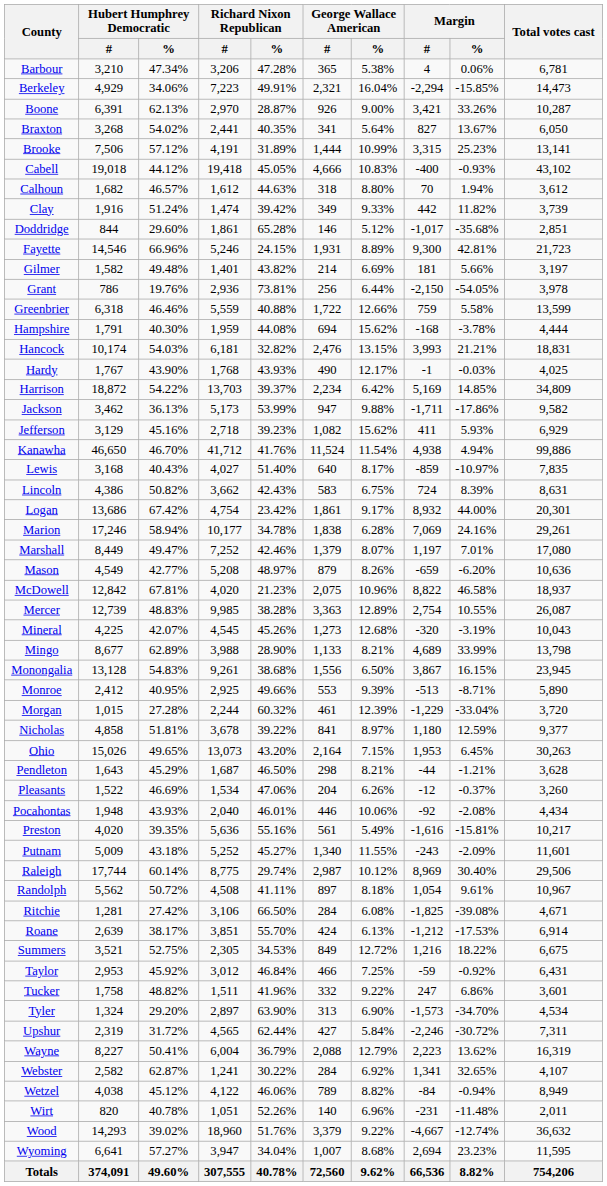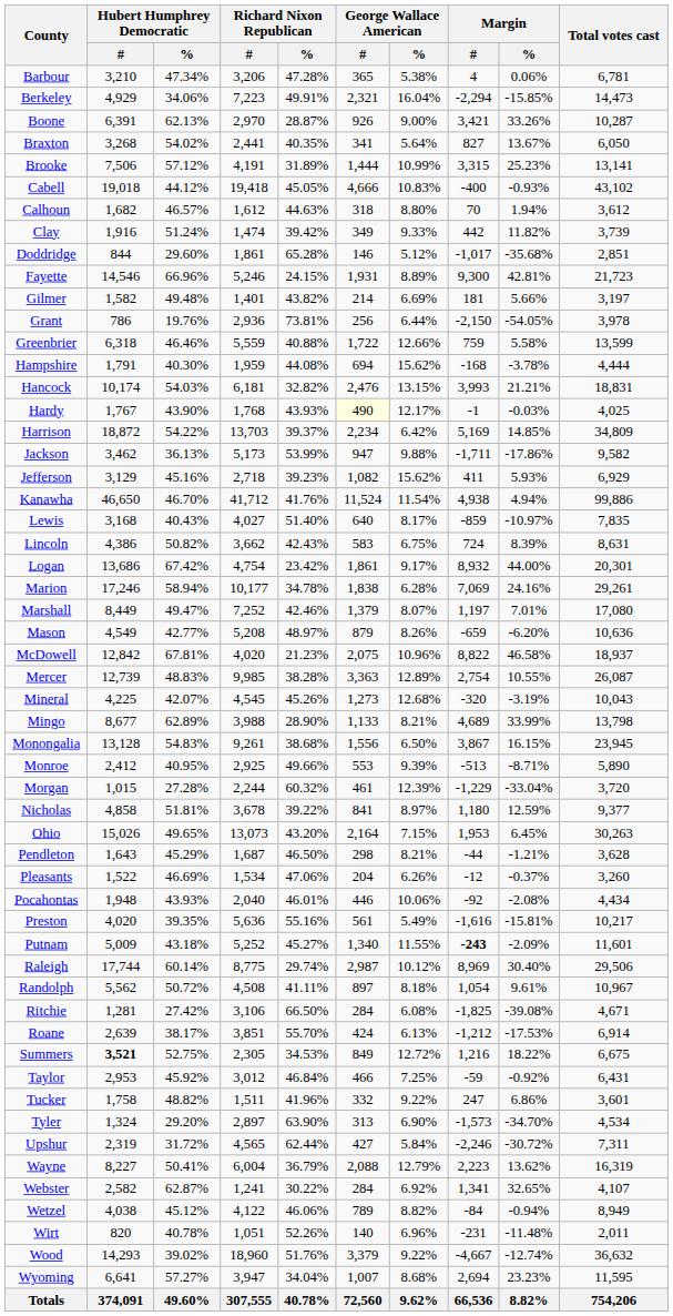 <table width="60%"  class="wikitable sortable" style="text-align:center">
 <tr>
 <th style="text-align:center;" rowspan="2">County</th>
 <th style="text-align:center;" colspan="2">Hubert Humphrey<br>Democratic</th>
 <th style="text-align:center;" colspan="2">Richard Nixon<br>Republican</th>
 <th style="text-align:center;" colspan="2">George Wallace<br>American</th>
 <th style="text-align:center;" colspan="2">Margin</th>
 <th style="text-align:center;" rowspan="2">Total votes cast</th>
 </tr>
 <tr>
 <th style="text-align:center;" data-sort-type="number">#</th>
 <th style="text-align:center;" data-sort-type="number">%</th>
 <th style="text-align:center;" data-sort-type="number">#</th>
 <th style="text-align:center;" data-sort-type="number">%</th>
 <th style="text-align:center;" data-sort-type="number">#</th>
 <th style="text-align:center;" data-sort-type="number">%</th>
 <th style="text-align:center;" data-sort-type="number">#</th>
 <th style="text-align:center;" data-sort-type="number">%</th>
 </tr>
 <tr style="text-align:center;">
 <td><a href='#'>Barbour</a></td>
 <td>3,210</td>
 <td>47.34%</td>
 <td>3,206</td>
 <td>47.28%</td>
 <td>365</td>
 <td>5.38%</td>
 <td>4</td>
 <td>0.06%</td>
 <td>6,781</td>
 </tr>
 <tr style="text-align:center;">
 <td><a href='#'>Berkeley</a></td>
 <td>4,929</td>
 <td>34.06%</td>
 <td>7,223</td>
 <td>49.91%</td>
 <td>2,321</td>
 <td>16.04%</td>
 <td>-2,294</td>
 <td>-15.85%</td>
 <td>14,473</td>
 </tr>
 <tr style="text-align:center;">
 <td><a href='#'>Boone</a></td>
 <td>6,391</td>
 <td>62.13%</td>
 <td>2,970</td>
 <td>28.87%</td>
 <td>926</td>
 <td>9.00%</td>
 <td>3,421</td>
 <td>33.26%</td>
 <td>10,287</td>
 </tr>
 <tr style="text-align:center;">
 <td><a href='#'>Braxton</a></td>
 <td>3,268</td>
 <td>54.02%</td>
 <td>2,441</td>
 <td>40.35%</td>
 <td>341</td>
 <td>5.64%</td>
 <td>827</td>
 <td>13.67%</td>
 <td>6,050</td>
 </tr>
 <tr style="text-align:center;">
 <td><a href='#'>Brooke</a></td>
 <td>7,506</td>
 <td>57.12%</td>
 <td>4,191</td>
 <td>31.89%</td>
 <td>1,444</td>
 <td>10.99%</td>
 <td>3,315</td>
 <td>25.23%</td>
 <td>13,141</td>
 </tr>
 <tr style="text-align:center;">
 <td><a href='#'>Cabell</a></td>
 <td>19,018</td>
 <td>44.12%</td>
 <td>19,418</td>
 <td>45.05%</td>
 <td>4,666</td>
 <td>10.83%</td>
 <td>-400</td>
 <td>-0.93%</td>
 <td>43,102</td>
 </tr>
 <tr style="text-align:center;">
 <td><a href='#'>Calhoun</a></td>
 <td>1,682</td>
 <td>46.57%</td>
 <td>1,612</td>
 <td>44.63%</td>
 <td>318</td>
 <td>8.80%</td>
 <td>70</td>
 <td>1.94%</td>
 <td>3,612</td>
 </tr>
 <tr style="text-align:center;">
 <td><a href='#'>Clay</a></td>
 <td>1,916</td>
 <td>51.24%</td>
 <td>1,474</td>
 <td>39.42%</td>
 <td>349</td>
 <td>9.33%</td>
 <td>442</td>
 <td>11.82%</td>
 <td>3,739</td>
 </tr>
 <tr style="text-align:center;">
 <td><a href='#'>Doddridge</a></td>
 <td>844</td>
 <td>29.60%</td>
 <td>1,861</td>
 <td>65.28%</td>
 <td>146</td>
 <td>5.12%</td>
 <td>-1,017</td>
 <td>-35.68%</td>
 <td>2,851</td>
 </tr>
 <tr style="text-align:center;">
 <td><a href='#'>Fayette</a></td>
 <td>14,546</td>
 <td>66.96%</td>
 <td>5,246</td>
 <td>24.15%</td>
 <td>1,931</td>
 <td>8.89%</td>
 <td>9,300</td>
 <td>42.81%</td>
 <td>21,723</td>
 </tr>
 <tr style="text-align:center;">
 <td><a href='#'>Gilmer</a></td>
 <td>1,582</td>
 <td>49.48%</td>
 <td>1,401</td>
 <td>43.82%</td>
 <td>214</td>
 <td>6.69%</td>
 <td>181</td>
 <td>5.66%</td>
 <td>3,197</td>
 </tr>
 <tr style="text-align:center;">
 <td><a href='#'>Grant</a></td>
 <td>786</td>
 <td>19.76%</td>
 <td>2,936</td>
 <td>73.81%</td>
 <td>256</td>
 <td>6.44%</td>
 <td>-2,150</td>
 <td>-54.05%</td>
 <td>3,978</td>
 </tr>
 <tr style="text-align:center;">
 <td><a href='#'>Greenbrier</a></td>
 <td>6,318</td>
 <td>46.46%</td>
 <td>5,559</td>
 <td>40.88%</td>
 <td>1,722</td>
 <td>12.66%</td>
 <td>759</td>
 <td>5.58%</td>
 <td>13,599</td>
 </tr>
 <tr style="text-align:center;">
 <td><a href='#'>Hampshire</a></td>
 <td>1,791</td>
 <td>40.30%</td>
 <td>1,959</td>
 <td>44.08%</td>
 <td>694</td>
 <td>15.62%</td>
 <td>-168</td>
 <td>-3.78%</td>
 <td>4,444</td>
 </tr>
 <tr style="text-align:center;">
 <td><a href='#'>Hancock</a></td>
 <td>10,174</td>
 <td>54.03%</td>
 <td>6,181</td>
 <td>32.82%</td>
 <td>2,476</td>
 <td>13.15%</td>
 <td>3,993</td>
 <td>21.21%</td>
 <td>18,831</td>
 </tr>
 <tr style="text-align:center;">
 <td><a href='#'>Hardy</a></td>
 <td>1,767</td>
 <td>43.90%</td>
 <td>1,768</td>
 <td>43.93%</td>
-<td>490</td>
+<td style="background: lightyellow;">490</td>
 <td>12.17%</td>
 <td>-1</td>
 <td>-0.03%</td>
 <td>4,025</td>
 </tr>
 <tr style="text-align:center;">
 <td><a href='#'>Harrison</a></td>
 <td>18,872</td>
 <td>54.22%</td>
 <td>13,703</td>
 <td>39.37%</td>
 <td>2,234</td>
 <td>6.42%</td>
 <td>5,169</td>
 <td>14.85%</td>
 <td>34,809</td>
 </tr>
 <tr style="text-align:center;">
 <td><a href='#'>Jackson</a></td>
 <td>3,462</td>
 <td>36.13%</td>
 <td>5,173</td>
 <td>53.99%</td>
 <td>947</td>
 <td>9.88%</td>
 <td>-1,711</td>
 <td>-17.86%</td>
 <td>9,582</td>
 </tr>
 <tr style="text-align:center;">
 <td><a href='#'>Jefferson</a></td>
 <td>3,129</td>
 <td>45.16%</td>
 <td>2,718</td>
 <td>39.23%</td>
 <td>1,082</td>
 <td>15.62%</td>
 <td>411</td>
 <td>5.93%</td>
 <td>6,929</td>
 </tr>
 <tr style="text-align:center;">
 <td><a href='#'>Kanawha</a></td>
 <td>46,650</td>
 <td>46.70%</td>
 <td>41,712</td>
 <td>41.76%</td>
 <td>11,524</td>
 <td>11.54%</td>
 <td>4,938</td>
 <td>4.94%</td>
 <td>99,886</td>
 </tr>
 <tr style="text-align:center;">
 <td><a href='#'>Lewis</a></td>
 <td>3,168</td>
 <td>40.43%</td>
 <td>4,027</td>
 <td>51.40%</td>
 <td>640</td>
 <td>8.17%</td>
 <td>-859</td>
 <td>-10.97%</td>
 <td>7,835</td>
 </tr>
 <tr style="text-align:center;">
 <td><a href='#'>Lincoln</a></td>
 <td>4,386</td>
 <td>50.82%</td>
 <td>3,662</td>
 <td>42.43%</td>
 <td>583</td>
 <td>6.75%</td>
 <td>724</td>
 <td>8.39%</td>
 <td>8,631</td>
 </tr>
 <tr style="text-align:center;">
 <td><a href='#'>Logan</a></td>
 <td>13,686</td>
 <td>67.42%</td>
 <td>4,754</td>
 <td>23.42%</td>
 <td>1,861</td>
 <td>9.17%</td>
 <td>8,932</td>
 <td>44.00%</td>
 <td>20,301</td>
 </tr>
 <tr style="text-align:center;">
 <td><a href='#'>Marion</a></td>
 <td>17,246</td>
 <td>58.94%</td>
 <td>10,177</td>
 <td>34.78%</td>
 <td>1,838</td>
 <td>6.28%</td>
 <td>7,069</td>
 <td>24.16%</td>
 <td>29,261</td>
 </tr>
 <tr style="text-align:center;">
 <td><a href='#'>Marshall</a></td>
 <td>8,449</td>
 <td>49.47%</td>
 <td>7,252</td>
 <td>42.46%</td>
 <td>1,379</td>
 <td>8.07%</td>
 <td>1,197</td>
 <td>7.01%</td>
 <td>17,080</td>
 </tr>
 <tr style="text-align:center;">
 <td><a href='#'>Mason</a></td>
 <td>4,549</td>
 <td>42.77%</td>
 <td>5,208</td>
 <td>48.97%</td>
 <td>879</td>
 <td>8.26%</td>
 <td>-659</td>
 <td>-6.20%</td>
 <td>10,636</td>
 </tr>
 <tr style="text-align:center;">
 <td><a href='#'>McDowell</a></td>
 <td>12,842</td>
 <td>67.81%</td>
 <td>4,020</td>
 <td>21.23%</td>
 <td>2,075</td>
 <td>10.96%</td>
 <td>8,822</td>
 <td>46.58%</td>
 <td>18,937</td>
 </tr>
 <tr style="text-align:center;">
 <td><a href='#'>Mercer</a></td>
 <td>12,739</td>
 <td>48.83%</td>
 <td>9,985</td>
 <td>38.28%</td>
 <td>3,363</td>
 <td>12.89%</td>
 <td>2,754</td>
 <td>10.55%</td>
 <td>26,087</td>
 </tr>
 <tr style="text-align:center;">
 <td><a href='#'>Mineral</a></td>
 <td>4,225</td>
 <td>42.07%</td>
 <td>4,545</td>
 <td>45.26%</td>
 <td>1,273</td>
 <td>12.68%</td>
 <td>-320</td>
 <td>-3.19%</td>
 <td>10,043</td>
 </tr>
 <tr style="text-align:center;">
 <td><a href='#'>Mingo</a></td>
 <td>8,677</td>
 <td>62.89%</td>
 <td>3,988</td>
 <td>28.90%</td>
 <td>1,133</td>
 <td>8.21%</td>
 <td>4,689</td>
 <td>33.99%</td>
 <td>13,798</td>
 </tr>
 <tr style="text-align:center;">
 <td><a href='#'>Monongalia</a></td>
 <td>13,128</td>
 <td>54.83%</td>
 <td>9,261</td>
 <td>38.68%</td>
 <td>1,556</td>
 <td>6.50%</td>
 <td>3,867</td>
 <td>16.15%</td>
 <td>23,945</td>
 </tr>
 <tr style="text-align:center;">
 <td><a href='#'>Monroe</a></td>
 <td>2,412</td>
 <td>40.95%</td>
 <td>2,925</td>
 <td>49.66%</td>
 <td>553</td>
 <td>9.39%</td>
 <td>-513</td>
 <td>-8.71%</td>
 <td>5,890</td>
 </tr>
 <tr style="text-align:center;">
 <td><a href='#'>Morgan</a></td>
 <td>1,015</td>
 <td>27.28%</td>
 <td>2,244</td>
 <td>60.32%</td>
 <td>461</td>
 <td>12.39%</td>
 <td>-1,229</td>
 <td>-33.04%</td>
 <td>3,720</td>
 </tr>
 <tr style="text-align:center;">
 <td><a href='#'>Nicholas</a></td>
 <td>4,858</td>
 <td>51.81%</td>
 <td>3,678</td>
 <td>39.22%</td>
 <td>841</td>
 <td>8.97%</td>
 <td>1,180</td>
 <td>12.59%</td>
 <td>9,377</td>
 </tr>
 <tr style="text-align:center;">
 <td><a href='#'>Ohio</a></td>
 <td>15,026</td>
 <td>49.65%</td>
 <td>13,073</td>
 <td>43.20%</td>
 <td>2,164</td>
 <td>7.15%</td>
 <td>1,953</td>
 <td>6.45%</td>
 <td>30,263</td>
 </tr>
 <tr style="text-align:center;">
 <td><a href='#'>Pendleton</a></td>
 <td>1,643</td>
 <td>45.29%</td>
 <td>1,687</td>
 <td>46.50%</td>
 <td>298</td>
 <td>8.21%</td>
 <td>-44</td>
 <td>-1.21%</td>
 <td>3,628</td>
 </tr>
 <tr style="text-align:center;">
 <td><a href='#'>Pleasants</a></td>
 <td>1,522</td>
 <td>46.69%</td>
 <td>1,534</td>
 <td>47.06%</td>
 <td>204</td>
 <td>6.26%</td>
 <td>-12</td>
 <td>-0.37%</td>
 <td>3,260</td>
 </tr>
 <tr style="text-align:center;">
 <td><a href='#'>Pocahontas</a></td>
 <td>1,948</td>
 <td>43.93%</td>
 <td>2,040</td>
 <td>46.01%</td>
 <td>446</td>
 <td>10.06%</td>
 <td>-92</td>
 <td>-2.08%</td>
 <td>4,434</td>
 </tr>
 <tr style="text-align:center;">
 <td><a href='#'>Preston</a></td>
 <td>4,020</td>
 <td>39.35%</td>
 <td>5,636</td>
 <td>55.16%</td>
 <td>561</td>
 <td>5.49%</td>
 <td>-1,616</td>
 <td>-15.81%</td>
 <td>10,217</td>
 </tr>
 <tr style="text-align:center;">
 <td><a href='#'>Putnam</a></td>
 <td>5,009</td>
 <td>43.18%</td>
 <td>5,252</td>
 <td>45.27%</td>
 <td>1,340</td>
 <td>11.55%</td>
-<td>-243</td>
+<td><strong>-243</strong></td>
 <td>-2.09%</td>
 <td>11,601</td>
 </tr>
 <tr style="text-align:center;">
 <td><a href='#'>Raleigh</a></td>
 <td>17,744</td>
 <td>60.14%</td>
 <td>8,775</td>
 <td>29.74%</td>
 <td>2,987</td>
 <td>10.12%</td>
 <td>8,969</td>
 <td>30.40%</td>
 <td>29,506</td>
 </tr>
 <tr style="text-align:center;">
 <td><a href='#'>Randolph</a></td>
 <td>5,562</td>
 <td>50.72%</td>
 <td>4,508</td>
 <td>41.11%</td>
 <td>897</td>
 <td>8.18%</td>
 <td>1,054</td>
 <td>9.61%</td>
 <td>10,967</td>
 </tr>
 <tr style="text-align:center;">
 <td><a href='#'>Ritchie</a></td>
 <td>1,281</td>
 <td>27.42%</td>
 <td>3,106</td>
 <td>66.50%</td>
 <td>284</td>
 <td>6.08%</td>
 <td>-1,825</td>
 <td>-39.08%</td>
 <td>4,671</td>
 </tr>
 <tr style="text-align:center;">
 <td><a href='#'>Roane</a></td>
 <td>2,639</td>
 <td>38.17%</td>
 <td>3,851</td>
 <td>55.70%</td>
 <td>424</td>
 <td>6.13%</td>
 <td>-1,212</td>
 <td>-17.53%</td>
 <td>6,914</td>
 </tr>
 <tr style="text-align:center;">
 <td><a href='#'>Summers</a></td>
-<td>3,521</td>
+<td><strong>3,521</strong></td>
 <td>52.75%</td>
 <td>2,305</td>
 <td>34.53%</td>
 <td>849</td>
 <td>12.72%</td>
 <td>1,216</td>
 <td>18.22%</td>
 <td>6,675</td>
 </tr>
 <tr style="text-align:center;">
 <td><a href='#'>Taylor</a></td>
 <td>2,953</td>
 <td>45.92%</td>
 <td>3,012</td>
 <td>46.84%</td>
 <td>466</td>
 <td>7.25%</td>
 <td>-59</td>
 <td>-0.92%</td>
 <td>6,431</td>
 </tr>
 <tr style="text-align:center;">
 <td><a href='#'>Tucker</a></td>
 <td>1,758</td>
 <td>48.82%</td>
 <td>1,511</td>
 <td>41.96%</td>
 <td>332</td>
 <td>9.22%</td>
 <td>247</td>
 <td>6.86%</td>
 <td>3,601</td>
 </tr>
 <tr style="text-align:center;">
 <td><a href='#'>Tyler</a></td>
 <td>1,324</td>
 <td>29.20%</td>
 <td>2,897</td>
 <td>63.90%</td>
 <td>313</td>
 <td>6.90%</td>
 <td>-1,573</td>
 <td>-34.70%</td>
 <td>4,534</td>
 </tr>
 <tr style="text-align:center;">
 <td><a href='#'>Upshur</a></td>
 <td>2,319</td>
 <td>31.72%</td>
 <td>4,565</td>
 <td>62.44%</td>
 <td>427</td>
 <td>5.84%</td>
 <td>-2,246</td>
 <td>-30.72%</td>
 <td>7,311</td>
 </tr>
 <tr style="text-align:center;">
 <td><a href='#'>Wayne</a></td>
 <td>8,227</td>
 <td>50.41%</td>
 <td>6,004</td>
 <td>36.79%</td>
 <td>2,088</td>
 <td>12.79%</td>
 <td>2,223</td>
 <td>13.62%</td>
 <td>16,319</td>
 </tr>
 <tr style="text-align:center;">
 <td><a href='#'>Webster</a></td>
 <td>2,582</td>
 <td>62.87%</td>
 <td>1,241</td>
 <td>30.22%</td>
 <td>284</td>
 <td>6.92%</td>
 <td>1,341</td>
 <td>32.65%</td>
 <td>4,107</td>
 </tr>
 <tr style="text-align:center;">
 <td><a href='#'>Wetzel</a></td>
 <td>4,038</td>
 <td>45.12%</td>
 <td>4,122</td>
 <td>46.06%</td>
 <td>789</td>
 <td>8.82%</td>
 <td>-84</td>
 <td>-0.94%</td>
 <td>8,949</td>
 </tr>
 <tr style="text-align:center;">
 <td><a href='#'>Wirt</a></td>
 <td>820</td>
 <td>40.78%</td>
 <td>1,051</td>
 <td>52.26%</td>
 <td>140</td>
 <td>6.96%</td>
 <td>-231</td>
 <td>-11.48%</td>
 <td>2,011</td>
 </tr>
 <tr style="text-align:center;">
 <td><a href='#'>Wood</a></td>
 <td>14,293</td>
 <td>39.02%</td>
 <td>18,960</td>
 <td>51.76%</td>
 <td>3,379</td>
 <td>9.22%</td>
 <td>-4,667</td>
 <td>-12.74%</td>
 <td>36,632</td>
 </tr>
 <tr style="text-align:center;">
 <td><a href='#'>Wyoming</a></td>
 <td>6,641</td>
 <td>57.27%</td>
 <td>3,947</td>
 <td>34.04%</td>
 <td>1,007</td>
 <td>8.68%</td>
 <td>2,694</td>
 <td>23.23%</td>
 <td>11,595</td>
 </tr>
 <tr>
 <th>Totals</th>
 <th>374,091</th>
 <th>49.60%</th>
 <th>307,555</th>
 <th>40.78%</th>
 <th>72,560</th>
 <th>9.62%</th>
 <th>66,536</th>
 <th>8.82%</th>
 <th>754,206</th>
 </tr>
 </table>
